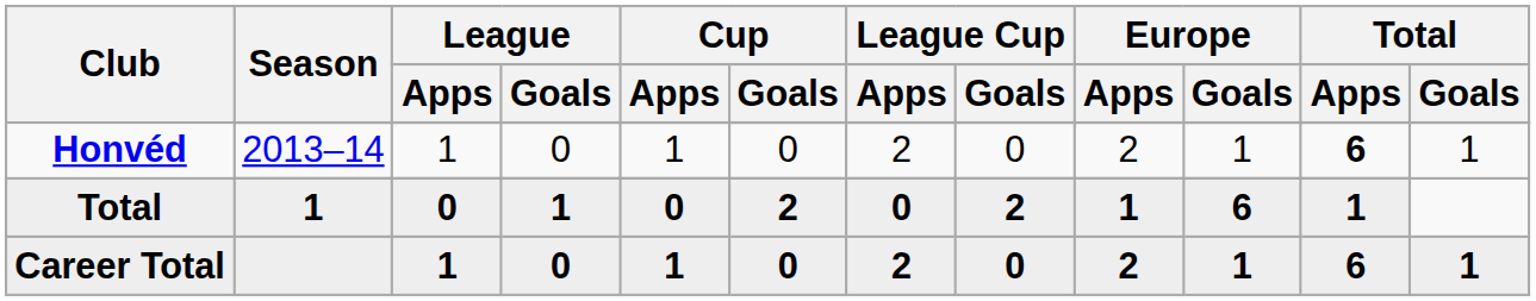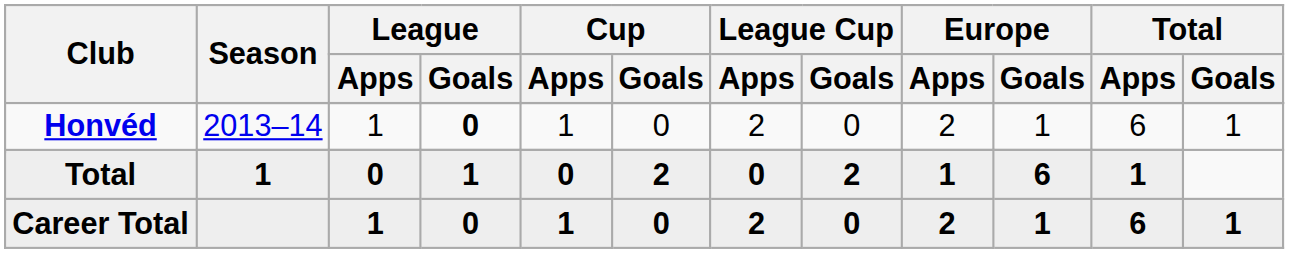 <table class="wikitable" style="font-size:90%; text-align: center;">
 <tr>
 <th rowspan="2">Club</th>
 <th rowspan="2">Season</th>
 <th colspan="2">League</th>
 <th colspan="2">Cup</th>
 <th colspan="2">League Cup</th>
 <th colspan="2">Europe</th>
 <th colspan="2">Total</th>
 </tr>
 <tr>
 <th>Apps</th>
 <th>Goals</th>
 <th>Apps</th>
 <th>Goals</th>
 <th>Apps</th>
 <th>Goals</th>
 <th>Apps</th>
 <th>Goals</th>
 <th>Apps</th>
 <th>Goals</th>
 </tr>
 <tr ||-||-||-|->
 <td rowspan="3" valign="center"><strong><a href='#'>Honvéd</a></strong></td>
 </tr>
 <tr>
 <td><a href='#'>2013–14</a></td>
 <td>1</td>
-<td>0</td>
+<td><strong>0</strong></td>
 <td>1</td>
 <td>0</td>
 <td>2</td>
 <td>0</td>
 <td>2</td>
 <td>1</td>
-<td><strong>6</strong></td>
+<td>6</td>
 <td>1</td>
 </tr>
 <tr>
 </tr>
 <tr style="font-weight:bold; background-color:#eeeeee;">
 <td>Total</td>
 <td>1</td>
 <td>0</td>
 <td>1</td>
 <td>0</td>
 <td>2</td>
 <td>0</td>
 <td>2</td>
 <td>1</td>
 <td>6</td>
 <td>1</td>
 </tr>
 <tr style="font-weight:bold; background-color:#eeeeee;">
 <td rowspan="1" valign="top"><strong>Career Total</strong></td>
 <td></td>
 <td><strong>1</strong></td>
 <td><strong>0</strong></td>
 <td><strong>1</strong></td>
 <td><strong>0</strong></td>
 <td><strong>2</strong></td>
 <td><strong>0</strong></td>
 <td><strong>2</strong></td>
 <td><strong>1</strong></td>
 <td><strong>6</strong></td>
 <td><strong>1</strong></td>
 </tr>
 </table>
